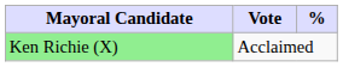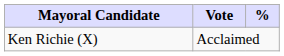 <table class="wikitable">
 <tr>
 <th style="background:#ddf; width:200px;">Mayoral Candidate</th>
 <th style="background:#ddf; width:50px;">Vote</th>
 <th style="background:#ddf; width:30px;">%</th>
 </tr>
 <tr>
-<td style="background: lightgreen;">Ken Richie (X)</td>
+<td>Ken Richie (X)</td>
 <td colspan="2">Acclaimed</td>
 </tr>
 </table>
